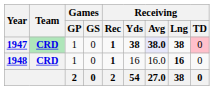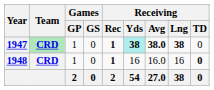 <table class="wikitable" style="text-align:center">
 <tr>
 <th rowspan="2">Year</th>
 <th rowspan="2">Team</th>
 <th colspan="2">Games</th>
 <th colspan="5">Receiving</th>
 </tr>
 <tr>
 <th>GP</th>
 <th>GS</th>
 <th>Rec</th>
 <th>Yds</th>
 <th>Avg</th>
 <th>Lng</th>
 <th>TD</th>
 </tr>
 <tr>
 <th><a href='#'>1947</a></th>
 <th style="background:#afe6ba; width:3em;"><a href='#'>CRD</a></th>
 <td>1</td>
 <td>0</td>
 <td><strong>1</strong></td>
+<td style="background: paleturquoise;"><strong>38</strong></td>
+<td><strong>38.0</strong></td>
 <td><strong>38</strong></td>
-<td style="background: lavender;"><strong>38.0</strong></td>
-<td><strong>38</strong></td>
-<td style="background: pink;">0</td>
+<td>0</td>
 </tr>
 <tr>
 <th><a href='#'>1948</a></th>
 <th><a href='#'>CRD</a></th>
 <td>1</td>
 <td>0</td>
 <td><strong>1</strong></td>
 <td>16</td>
 <td>16.0</td>
-<td><strong>16</strong></td>
-<td>0</td>
+<td>16</td>
+<td><strong>0</strong></td>
 </tr>
 <tr>
 <th colspan="2"></th>
 <th>2</th>
 <th>0</th>
 <th>2</th>
 <th>54</th>
 <th>27.0</th>
 <th>38</th>
 <th>0</th>
 </tr>
 </table>
